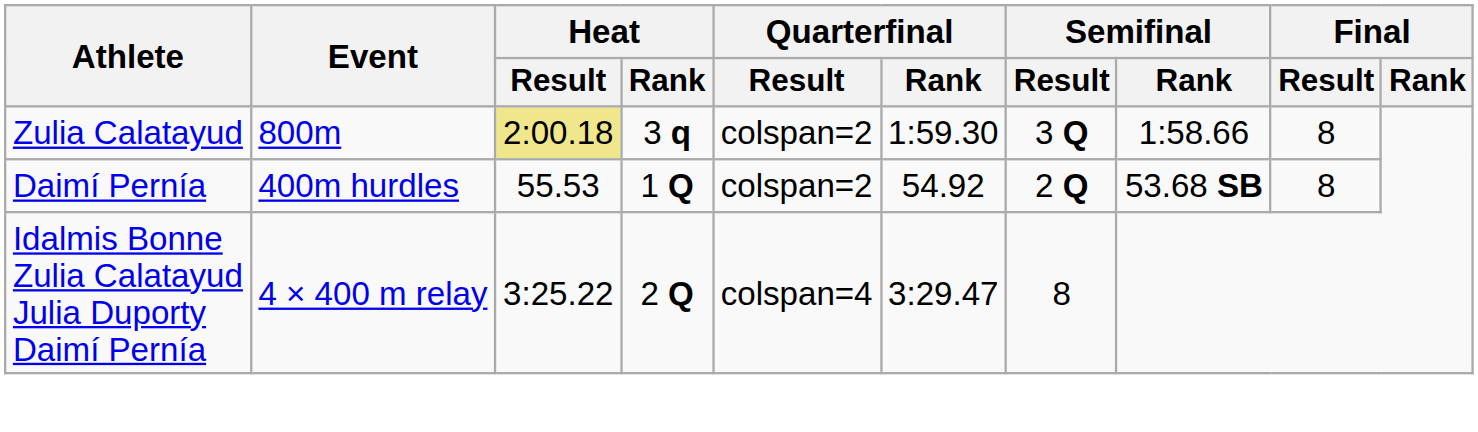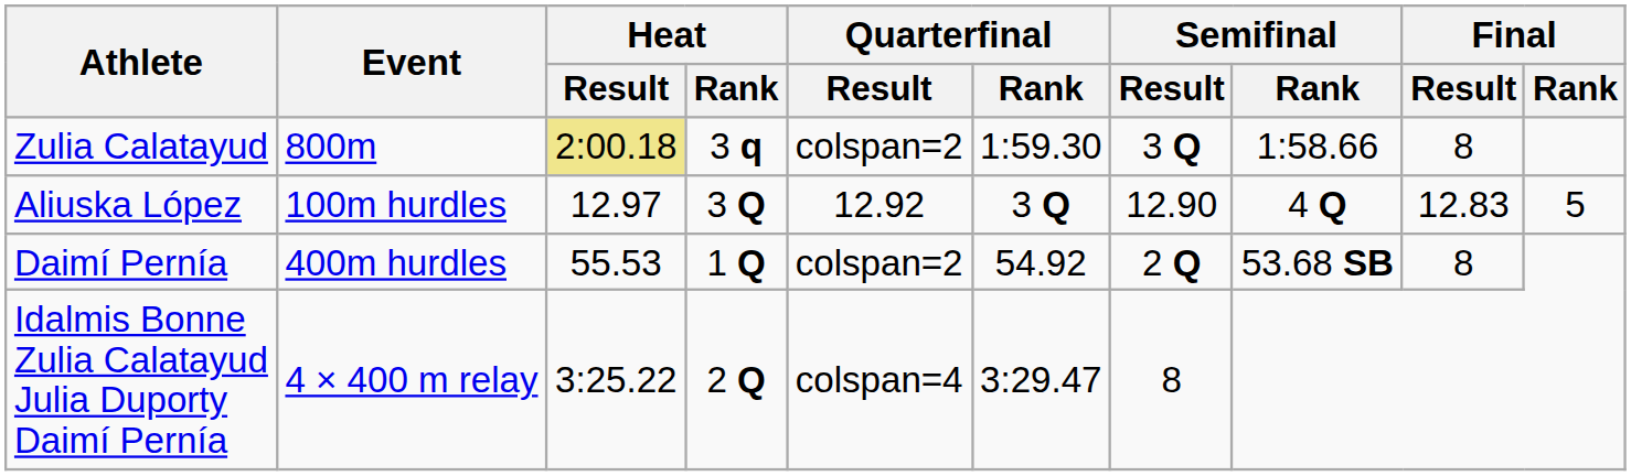 <table class=wikitable style="font-size:90%">
 <tr>
 <th rowspan="2">Athlete</th>
 <th rowspan="2">Event</th>
 <th colspan="2">Heat</th>
 <th colspan="2">Quarterfinal</th>
 <th colspan="2">Semifinal</th>
 <th colspan="2">Final</th>
 </tr>
 <tr style="font-size:95%">
 <th>Result</th>
 <th>Rank</th>
 <th>Result</th>
 <th>Rank</th>
 <th>Result</th>
 <th>Rank</th>
 <th>Result</th>
 <th>Rank</th>
 </tr>
 <tr align=center>
 <td align=left><a href='#'>Zulia Calatayud</a></td>
 <td align=left><a href='#'>800m</a></td>
 <td style="background: khaki;">2:00.18</td>
 <td>3 <strong>q</strong></td>
 <td>colspan=2 </td>
 <td>1:59.30</td>
 <td>3 <strong>Q</strong></td>
 <td>1:58.66</td>
 <td>8</td>
 </tr>
 <tr align=center>
+<td align=left><a href='#'>Aliuska López</a></td>
+<td align=left><a href='#'>100m hurdles</a></td>
+<td>12.97</td>
+<td>3 <strong>Q</strong></td>
+<td>12.92</td>
+<td>3 <strong>Q</strong></td>
+<td>12.90</td>
+<td>4 <strong>Q</strong></td>
+<td>12.83</td>
+<td>5</td>
+</tr>
+<tr align=center>
 <td align=left><a href='#'>Daimí Pernía</a></td>
 <td align=left><a href='#'>400m hurdles</a></td>
 <td>55.53</td>
 <td>1 <strong>Q</strong></td>
 <td>colspan=2 </td>
 <td>54.92</td>
 <td>2 <strong>Q</strong></td>
 <td>53.68 <strong>SB</strong></td>
 <td>8</td>
 </tr>
 <tr align=center>
 <td align=left><a href='#'>Idalmis Bonne</a><br> <a href='#'>Zulia Calatayud</a><br> <a href='#'>Julia Duporty</a><br> <a href='#'>Daimí Pernía</a></td>
 <td align=left><a href='#'>4 × 400 m relay</a></td>
 <td>3:25.22</td>
 <td>2 <strong>Q</strong></td>
 <td>colspan=4 </td>
 <td>3:29.47</td>
 <td>8</td>
 </tr>
 </table>
